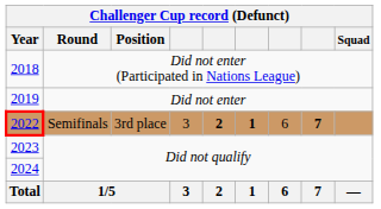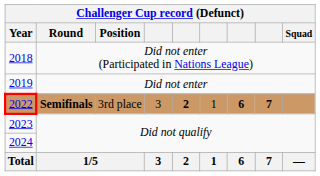 <table class="wikitable collapsible collapsed" style="text-align: center;">
 <tr>
 <th colspan=9><a href='#'>Challenger Cup record</a> (Defunct)</th>
 </tr>
 <tr>
 <th>Year</th>
 <th>Round</th>
 <th>Position</th>
 <th width=30></th>
 <th width=30></th>
 <th width=30></th>
 <th width=30></th>
 <th width=30></th>
 <th><small>Squad</small></th>
 </tr>
 <tr>
 <td> <a href='#'>2018</a></td>
 <td colspan=8><em>Did not enter</em> <br> (Participated in <a href='#'>Nations League</a>)</td>
 </tr>
 <tr>
 <td> <a href='#'>2019</a></td>
 <td colspan=8><em>Did not enter</em></td>
 </tr>
 <tr bgcolor=#cc9966>
 <td style="border:3px solid red"> <a href='#'>2022</a></td>
-<td>Semifinals</td>
+<td><strong>Semifinals</strong></td>
 <td> 3rd place</td>
 <td>3</td>
 <td><strong>2</strong></td>
-<td><strong>1</strong></td>
-<td>6</td>
+<td>1</td>
+<td><strong>6</strong></td>
 <td><strong>7</strong></td>
 <td></td>
 </tr>
 <tr>
 <td> <a href='#'>2023</a></td>
 <td colspan=8 rowspan=2><em>Did not qualify</em></td>
 </tr>
 <tr>
 <td> <a href='#'>2024</a></td>
 </tr>
 <tr>
 <th>Total</th>
 <th colspan=2>1/5</th>
 <th>3</th>
 <th>2</th>
 <th>1</th>
 <th>6</th>
 <th>7</th>
 <th>—</th>
 </tr>
 </table>
